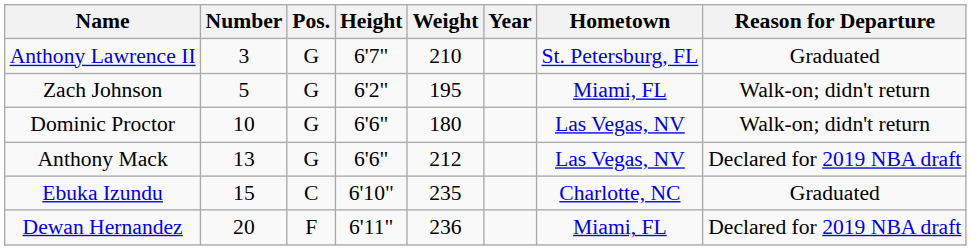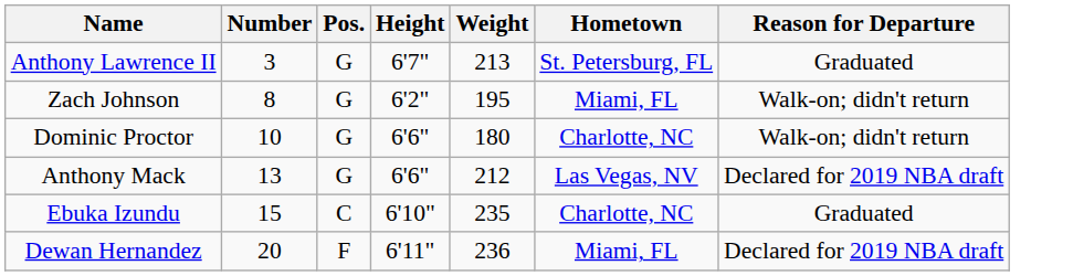 <table class="wikitable sortable" border="1" style="text-align:center;">
 <tr align=center>
 <th>Name</th>
 <th>Number</th>
 <th>Pos.</th>
 <th>Height</th>
 <th>Weight</th>
-<th>Year</th>
 <th>Hometown</th>
 <th>Reason for Departure</th>
 </tr>
 <tr>
 <td><a href='#'>Anthony Lawrence II</a></td>
 <td>3</td>
 <td>G</td>
 <td>6'7"</td>
-<td>210</td>
-<td></td>
+<td>213</td>
 <td><a href='#'>St. Petersburg, FL</a></td>
 <td>Graduated</td>
 </tr>
 <tr>
 <td>Zach Johnson</td>
-<td>5</td>
+<td>8</td>
 <td>G</td>
 <td>6'2"</td>
 <td>195</td>
-<td></td>
 <td><a href='#'>Miami, FL</a></td>
 <td>Walk-on; didn't return</td>
 </tr>
 <tr>
 <td>Dominic Proctor</td>
 <td>10</td>
 <td>G</td>
 <td>6'6"</td>
 <td>180</td>
-<td></td>
-<td><a href='#'>Las Vegas, NV</a></td>
+<td><a href='#'>Charlotte, NC</a></td>
 <td>Walk-on; didn't return</td>
 </tr>
 <tr>
 <td>Anthony Mack</td>
 <td>13</td>
 <td>G</td>
 <td>6'6"</td>
 <td>212</td>
-<td></td>
 <td><a href='#'>Las Vegas, NV</a></td>
 <td>Declared for <a href='#'>2019 NBA draft</a></td>
 </tr>
 <tr>
 <td><a href='#'>Ebuka Izundu</a></td>
 <td>15</td>
 <td>C</td>
 <td>6'10"</td>
 <td>235</td>
-<td></td>
 <td><a href='#'>Charlotte, NC</a></td>
 <td>Graduated</td>
 </tr>
 <tr>
 <td><a href='#'>Dewan Hernandez</a></td>
 <td>20</td>
 <td>F</td>
 <td>6'11"</td>
 <td>236</td>
-<td></td>
 <td><a href='#'>Miami, FL</a></td>
 <td>Declared for <a href='#'>2019 NBA draft</a></td>
 </tr>
 </table>
